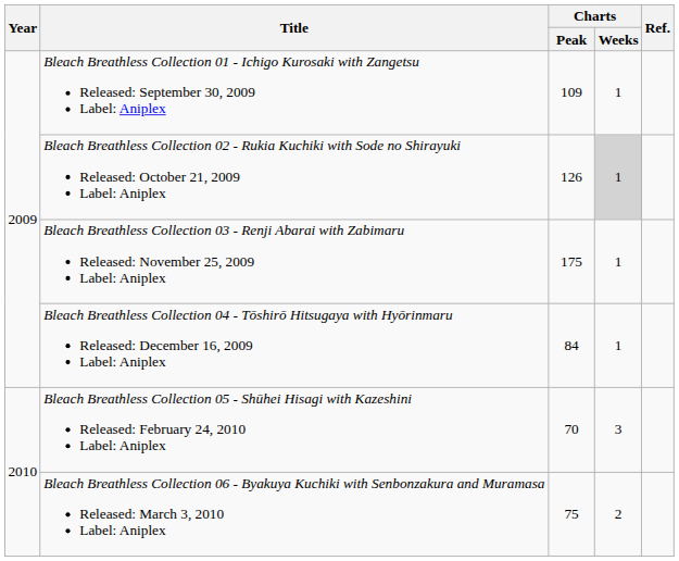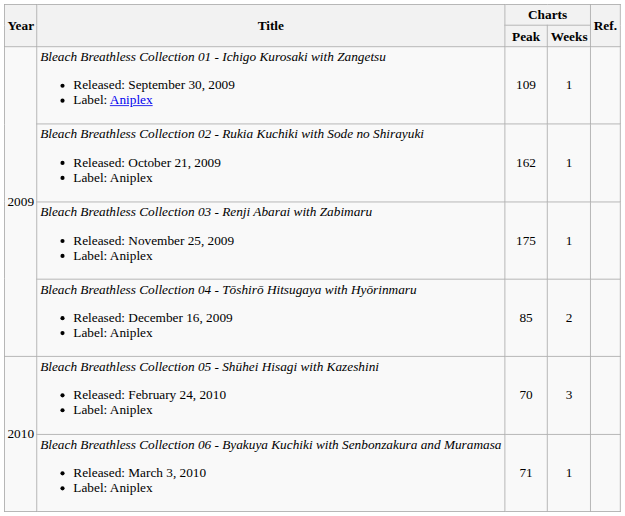 <table class="wikitable">
 <tr>
 <th rowspan="2">Year</th>
 <th rowspan="2">Title</th>
 <th colspan="2">Charts</th>
 <th rowspan="2">Ref.</th>
 </tr>
 <tr>
 <th style="width:7%;">Peak</th>
 <th style="width:7%;">Weeks</th>
 </tr>
 <tr>
 <td style="text-align:center;" rowspan="4">2009</td>
 <td align="left"><em>Bleach Breathless Collection 01 - Ichigo Kurosaki with Zangetsu</em><br><ul><li>Released: September 30, 2009</li><li>Label: <a href='#'>Aniplex</a></li></ul></td>
 <td style="text-align:center;">109</td>
 <td style="text-align:center;">1</td>
 <td style="text-align:center;"></td>
 </tr>
 <tr>
 <td align="left"><em>Bleach Breathless Collection 02 - Rukia Kuchiki with Sode no Shirayuki</em><br><ul><li>Released: October 21, 2009</li><li>Label: Aniplex</li></ul></td>
-<td style="text-align:center;">126</td>
-<td style="background: lightgrey; text-align:center;">1</td>
+<td style="text-align:center;">162</td>
+<td style="text-align:center;">1</td>
 <td style="text-align:center;"></td>
 </tr>
 <tr>
 <td align="left"><em>Bleach Breathless Collection 03 - Renji Abarai with Zabimaru</em><br><ul><li>Released: November 25, 2009</li><li>Label: Aniplex</li></ul></td>
 <td style="text-align:center;">175</td>
 <td style="text-align:center;">1</td>
 <td style="text-align:center;"></td>
 </tr>
 <tr>
 <td align="left"><em>Bleach Breathless Collection 04 - Tōshirō Hitsugaya with Hyōrinmaru</em><br><ul><li>Released: December 16, 2009</li><li>Label: Aniplex</li></ul></td>
-<td style="text-align:center;">84</td>
-<td style="text-align:center;">1</td>
+<td style="text-align:center;">85</td>
+<td style="text-align:center;">2</td>
 <td style="text-align:center;"></td>
 </tr>
 <tr>
 <td style="text-align:center;" rowspan="2">2010</td>
 <td align="left"><em>Bleach Breathless Collection 05 - Shūhei Hisagi with Kazeshini</em><br><ul><li>Released: February 24, 2010</li><li>Label: Aniplex</li></ul></td>
 <td style="text-align:center;">70</td>
 <td style="text-align:center;">3</td>
 <td style="text-align:center;"></td>
 </tr>
 <tr>
 <td align="left"><em>Bleach Breathless Collection 06 - Byakuya Kuchiki with Senbonzakura and Muramasa</em><br><ul><li>Released: March 3, 2010</li><li>Label: Aniplex</li></ul></td>
-<td style="text-align:center;">75</td>
-<td style="text-align:center;">2</td>
+<td style="text-align:center;">71</td>
+<td style="text-align:center;">1</td>
 <td style="text-align:center;"></td>
 </tr>
 </table>
